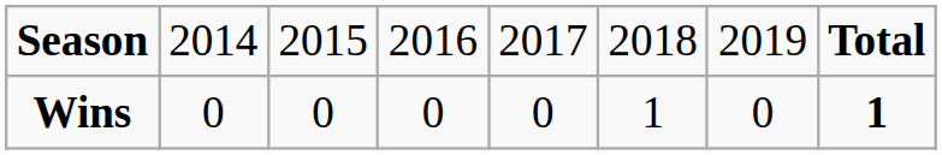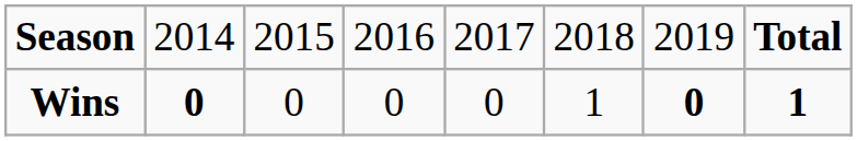 <table class="wikitable sortable">
 <tr>
 <td><strong>Season</strong></td>
 <td>2014</td>
 <td>2015</td>
 <td>2016</td>
 <td>2017</td>
 <td>2018</td>
 <td>2019</td>
 <td><strong>Total</strong></td>
 </tr>
 <tr align=center>
 <td><strong>Wins</strong></td>
-<td>0</td>
+<td><strong>0</strong></td>
 <td>0</td>
 <td>0</td>
 <td>0</td>
 <td>1</td>
-<td>0</td>
+<td><strong>0</strong></td>
 <td><strong>1</strong></td>
 </tr>
 </table>
